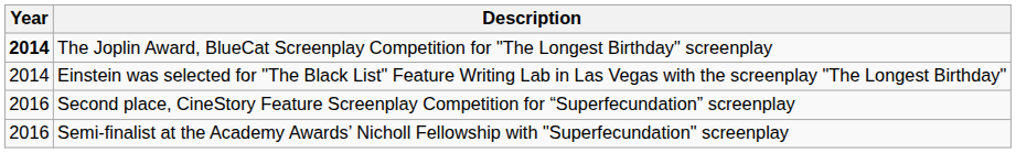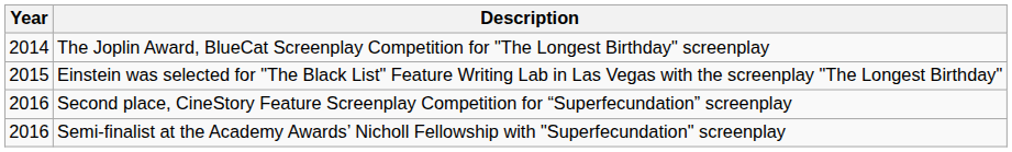 <table class="wikitable">
 <tr>
 <th>Year</th>
 <th>Description</th>
 </tr>
 <tr>
-<td><strong>2014</strong></td>
+<td>2014</td>
 <td>The Joplin Award, BlueCat Screenplay Competition for "The Longest Birthday" screenplay</td>
 </tr>
 <tr>
-<td>2014</td>
+<td>2015</td>
 <td>Einstein was selected for "The Black List" Feature Writing Lab in Las Vegas with the screenplay "The Longest Birthday"</td>
 </tr>
 <tr>
 <td>2016</td>
 <td>Second place, CineStory Feature Screenplay Competition for “Superfecundation” screenplay</td>
 </tr>
 <tr>
 <td>2016</td>
 <td>Semi-finalist at the Academy Awards’ Nicholl Fellowship with "Superfecundation" screenplay</td>
 </tr>
 </table>
